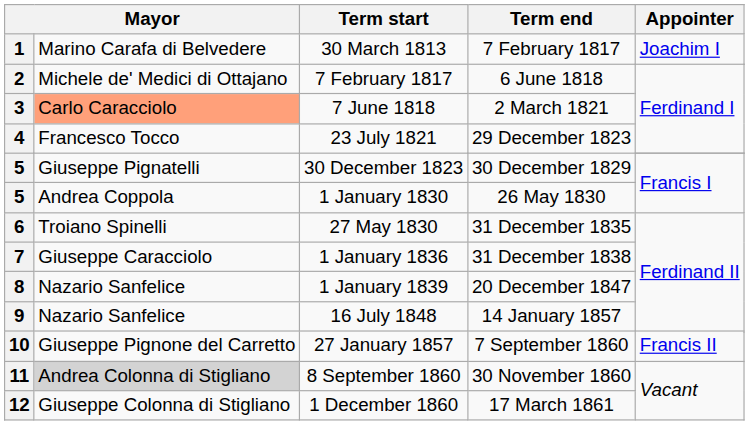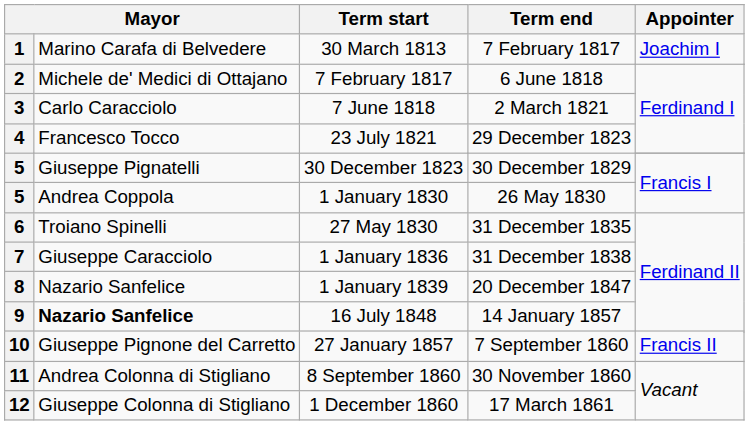 <table class="wikitable">
 <tr>
 <th colspan="2" class="unsortable">Mayor</th>
 <th>Term start</th>
 <th>Term end</th>
 <th>Appointer</th>
 </tr>
 <tr>
 <th rowspan=2>1</th>
 <td rowspan=2>Marino Carafa di Belvedere</td>
 <td rowspan=2 align=center>30 March 1813</td>
 <td rowspan=2 align=center>7 February 1817</td>
 <td><a href='#'>Joachim I</a></td>
 </tr>
 <tr>
 <td rowspan=4><a href='#'>Ferdinand I</a></td>
 </tr>
 <tr>
 <th>2</th>
 <td>Michele de' Medici di Ottajano</td>
 <td align=center>7 February 1817</td>
 <td align=center>6 June 1818</td>
 </tr>
 <tr>
 <th>3</th>
-<td style="background: lightsalmon;">Carlo Caracciolo</td>
+<td>Carlo Caracciolo</td>
 <td align=center>7 June 1818</td>
 <td align=center>2 March 1821</td>
 </tr>
 <tr>
 <th>4</th>
 <td>Francesco Tocco</td>
 <td align=center>23 July 1821</td>
 <td align=center>29 December 1823</td>
 </tr>
 <tr>
 <th rowspan=2>5</th>
 <td rowspan=2>Giuseppe Pignatelli</td>
 <td rowspan=2 align=center>30 December 1823</td>
 <td rowspan=2 align=center>30 December 1829</td>
 </tr>
 <tr>
 <td rowspan=2><a href='#'>Francis I</a></td>
 </tr>
 <tr>
 <th>5</th>
 <td>Andrea Coppola</td>
 <td align=center>1 January 1830</td>
 <td align=center>26 May 1830</td>
 </tr>
 <tr>
 <th>6</th>
 <td>Troiano Spinelli</td>
 <td align=center>27 May 1830</td>
 <td align=center>31 December 1835</td>
 <td rowspan=5><a href='#'>Ferdinand II</a></td>
 </tr>
 <tr>
 <th>7</th>
 <td>Giuseppe Caracciolo</td>
 <td align=center>1 January 1836</td>
 <td align=center>31 December 1838</td>
 </tr>
 <tr>
 <th>8</th>
 <td>Nazario Sanfelice</td>
 <td align=center>1 January 1839</td>
 <td align=center>20 December 1847</td>
 </tr>
 <tr>
 <th>9</th>
-<td>Nazario Sanfelice</td>
+<td><strong>Nazario Sanfelice</strong></td>
 <td align=center>16 July 1848</td>
 <td align=center>14 January 1857</td>
 </tr>
 <tr>
 <th rowspan=2>10</th>
 <td rowspan=2>Giuseppe Pignone del Carretto</td>
 <td rowspan=2 align=center>27 January 1857</td>
 <td rowspan=2 align=center>7 September 1860</td>
 </tr>
 <tr>
 <td><a href='#'>Francis II</a></td>
 </tr>
 <tr>
 <th>11</th>
-<td style="background: lightgrey;">Andrea Colonna di Stigliano</td>
+<td>Andrea Colonna di Stigliano</td>
 <td align=center>8 September 1860</td>
 <td align=center>30 November 1860</td>
 <td rowspan=2><em>Vacant</em></td>
 </tr>
 <tr>
 <th>12</th>
 <td>Giuseppe Colonna di Stigliano</td>
 <td align=center>1 December 1860</td>
 <td align=center>17 March 1861</td>
 </tr>
 </table>
